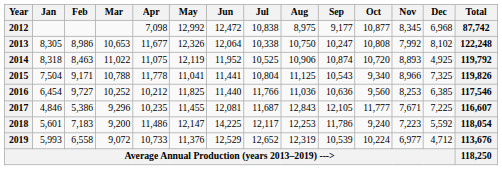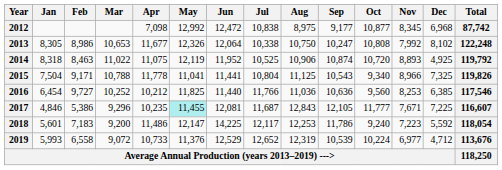 <table class=wikitable style="text-align:right; font-size:0.8em; width:650px;">
 <tr>
 <th>Year</th>
 <th>Jan</th>
 <th>Feb</th>
 <th>Mar</th>
 <th>Apr</th>
 <th>May</th>
 <th>Jun</th>
 <th>Jul</th>
 <th>Aug</th>
 <th>Sep</th>
 <th>Oct</th>
 <th>Nov</th>
 <th>Dec</th>
 <th>Total</th>
 </tr>
 <tr>
 <th>2012</th>
 <td></td>
 <td></td>
 <td></td>
 <td>7,098</td>
 <td>12,992</td>
 <td>12,472</td>
 <td>10,838</td>
 <td>8,975</td>
 <td>9,177</td>
 <td>10,877</td>
 <td>8,345</td>
 <td>6,968</td>
 <th>87,742</th>
 </tr>
 <tr>
 <th>2013</th>
 <td>8,305</td>
 <td>8,986</td>
 <td>10,653</td>
 <td>11,677</td>
 <td>12,326</td>
 <td>12,064</td>
 <td>10,338</td>
 <td>10,750</td>
 <td>10,247</td>
 <td>10,808</td>
 <td>7,992</td>
 <td>8,102</td>
 <th>122,248</th>
 </tr>
 <tr>
 <th>2014</th>
 <td>8,318</td>
 <td>8,463</td>
 <td>11,022</td>
 <td>11,075</td>
 <td>12,119</td>
 <td>11,952</td>
 <td>10,525</td>
 <td>10,906</td>
 <td>10,874</td>
 <td>10,720</td>
 <td>8,893</td>
 <td>4,925</td>
 <th>119,792</th>
 </tr>
 <tr>
 <th>2015</th>
 <td>7,504</td>
 <td>9,171</td>
 <td>10,788</td>
 <td>11,778</td>
 <td>11,041</td>
 <td>11,441</td>
 <td>10,804</td>
 <td>11,125</td>
 <td>10,543</td>
 <td>9,340</td>
 <td>8,966</td>
 <td>7,325</td>
 <th>119,826</th>
 </tr>
 <tr>
 <th>2016</th>
 <td>6,454</td>
 <td>9,727</td>
 <td>10,252</td>
 <td>10,212</td>
 <td>11,825</td>
 <td>11,440</td>
 <td>11,766</td>
 <td>11,036</td>
 <td>10,636</td>
 <td>9,560</td>
 <td>8,253</td>
 <td>6,385</td>
 <th>117,546</th>
 </tr>
 <tr>
 <th>2017</th>
 <td>4,846</td>
 <td>5,386</td>
 <td>9,296</td>
 <td>10,235</td>
-<td>11,455</td>
+<td style="background: paleturquoise;">11,455</td>
 <td>12,081</td>
 <td>11,687</td>
 <td>12,843</td>
 <td>12,105</td>
 <td>11,777</td>
 <td>7,671</td>
 <td>7,225</td>
 <th>116,607</th>
 </tr>
 <tr>
 <th>2018</th>
 <td>5,601</td>
 <td>7,183</td>
 <td>9,200</td>
 <td>11,486</td>
 <td>12,147</td>
 <td>14,225</td>
 <td>12,117</td>
 <td>12,253</td>
 <td>11,786</td>
 <td>9,240</td>
 <td>7,223</td>
 <td>5,592</td>
 <th>118,054</th>
 </tr>
 <tr>
 <th>2019</th>
 <td>5,993</td>
 <td>6,558</td>
 <td>9,072</td>
 <td>10,733</td>
 <td>11,376</td>
 <td>12,529</td>
 <td>12,652</td>
 <td>12,319</td>
 <td>10,539</td>
 <td>10,224</td>
 <td>6,977</td>
 <td>4,712</td>
 <th>113,676</th>
 </tr>
 <tr>
 <th colspan=13>Average Annual Production (years 2013–2019) ---></th>
 <th>118,250</th>
 </tr>
 </table>
